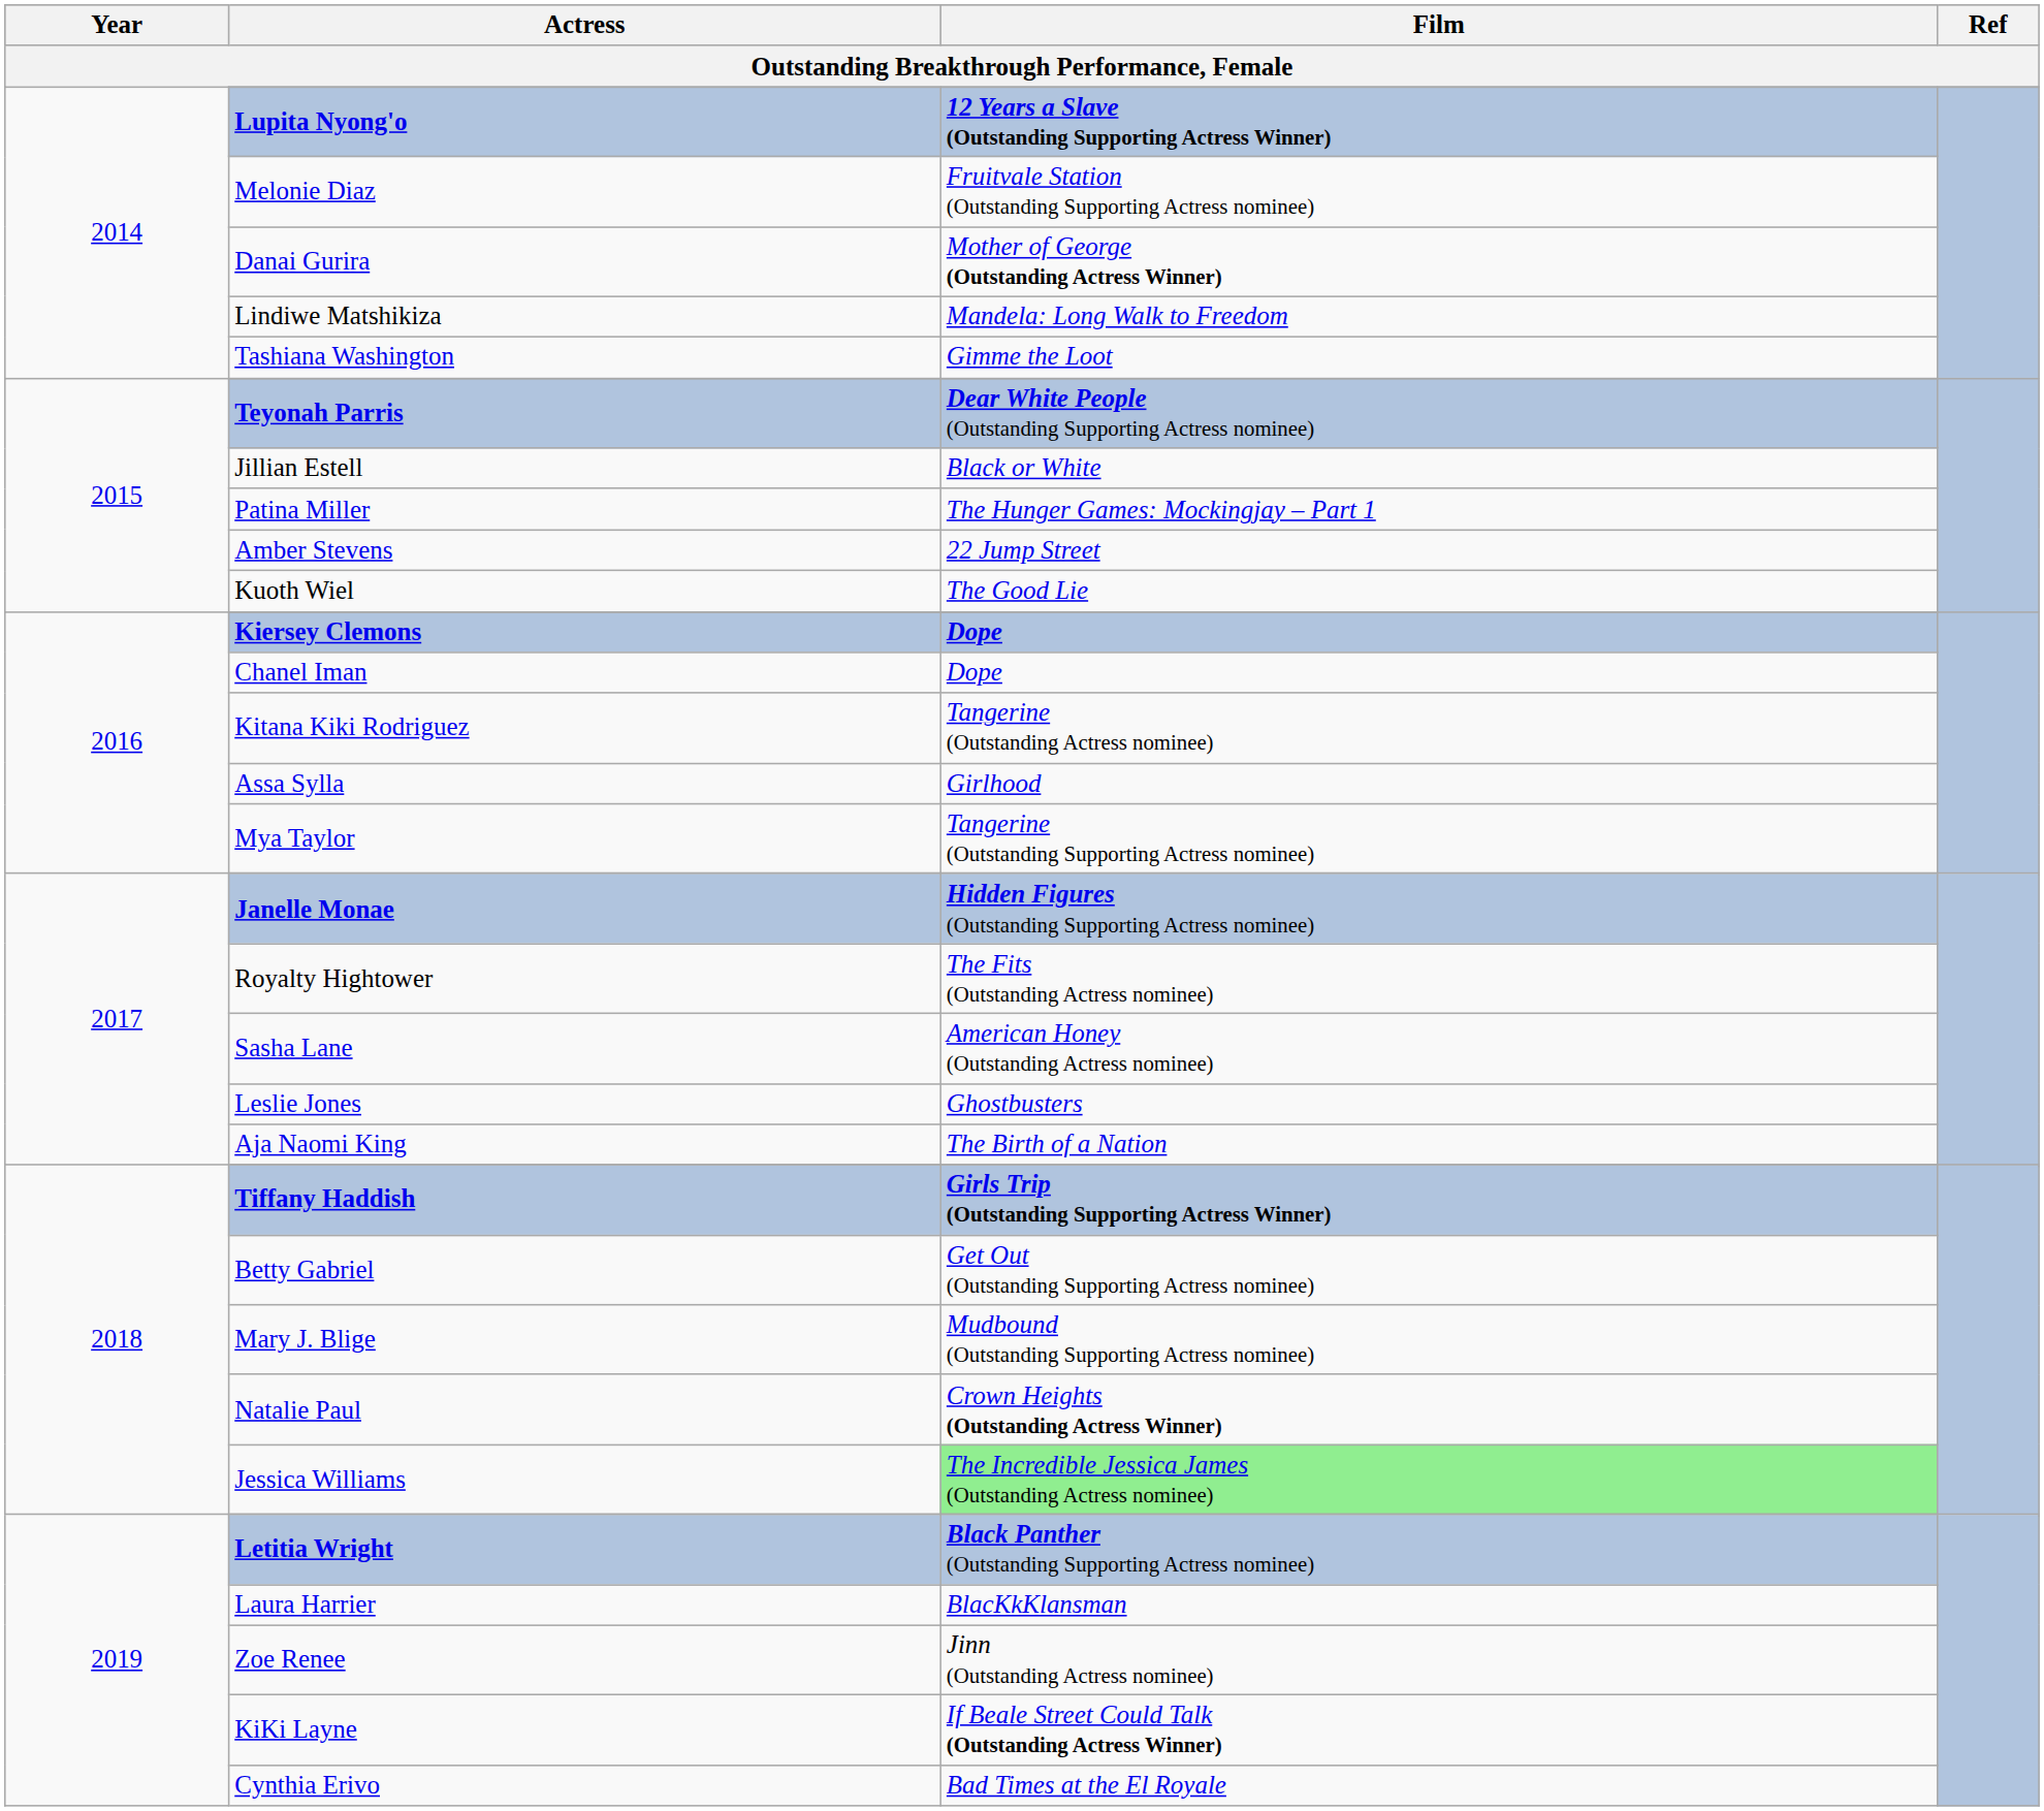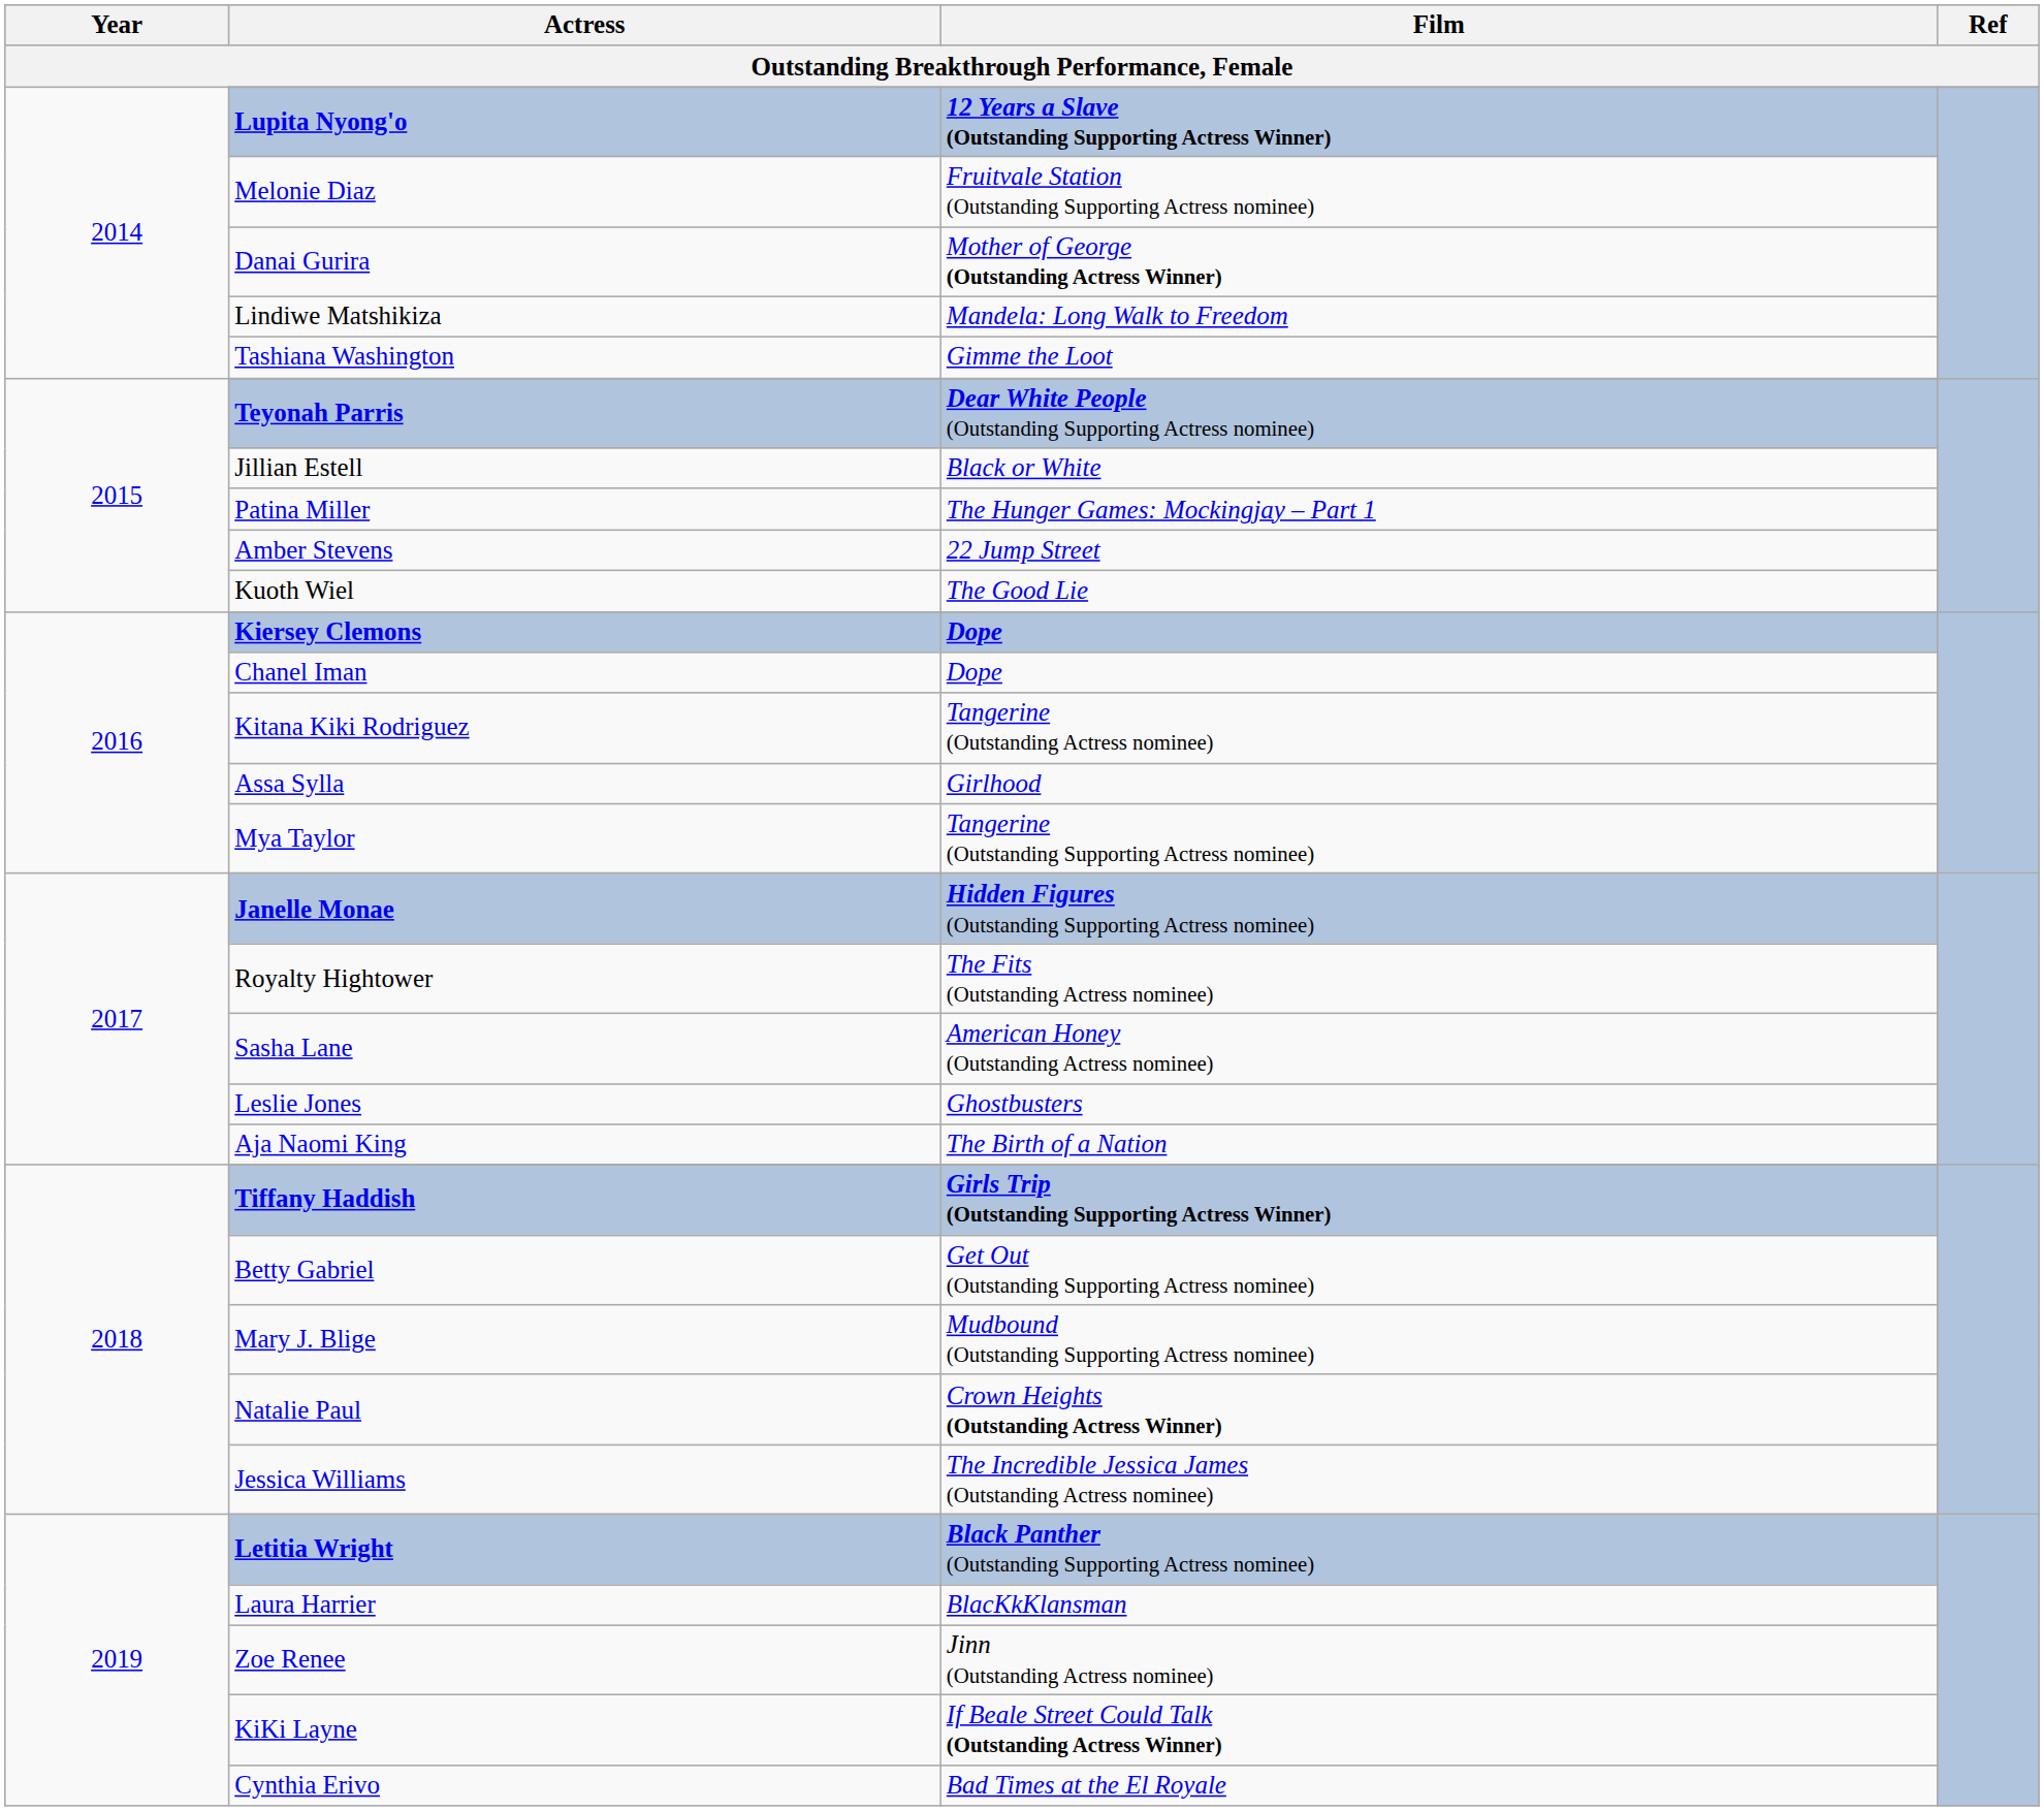 <table class="wikitable" style="width:100%;">
 <tr style="background:#bebebe;">
 <th style="width:11%;">Year</th>
 <th style="width:35%;">Actress</th>
 <th style="width:49%;">Film</th>
 <th style="width:5%;">Ref</th>
 </tr>
 <tr>
 <th colspan="6">Outstanding Breakthrough Performance, Female</th>
 </tr>
 <tr>
 <td rowspan="6" align="center"><a href='#'>2014</a></td>
 </tr>
 <tr style="background:#B0C4DE">
 <td><strong><a href='#'>Lupita Nyong'o</a></strong></td>
 <td><strong><em><a href='#'>12 Years a Slave</a></em></strong> <strong><br><small>(Outstanding Supporting Actress Winner)</small></strong></td>
 <td rowspan="6" align="center"></td>
 </tr>
 <tr>
 <td><a href='#'>Melonie Diaz</a></td>
 <td><em><a href='#'>Fruitvale Station</a></em> <br><small>(Outstanding Supporting Actress nominee)</small></td>
 </tr>
 <tr>
 <td><a href='#'>Danai Gurira</a></td>
 <td><em><a href='#'>Mother of George</a></em> <strong><br><small>(Outstanding Actress Winner)</small></strong></td>
 </tr>
 <tr>
 <td>Lindiwe Matshikiza</td>
 <td><em><a href='#'>Mandela: Long Walk to Freedom</a></em></td>
 </tr>
 <tr>
 <td><a href='#'>Tashiana Washington</a></td>
 <td><em><a href='#'>Gimme the Loot</a></em></td>
 </tr>
 <tr>
 <td rowspan="6" align="center"><a href='#'>2015</a></td>
 </tr>
 <tr style="background:#B0C4DE">
 <td><strong><a href='#'>Teyonah Parris</a></strong></td>
 <td><strong><em><a href='#'>Dear White People</a></em></strong> <br><small>(Outstanding Supporting Actress nominee)</small></td>
 <td rowspan="6" align="center"></td>
 </tr>
 <tr>
 <td>Jillian Estell</td>
 <td><em><a href='#'>Black or White</a></em></td>
 </tr>
 <tr>
 <td><a href='#'>Patina Miller</a></td>
 <td><em><a href='#'>The Hunger Games: Mockingjay – Part 1</a></em></td>
 </tr>
 <tr>
 <td><a href='#'>Amber Stevens</a></td>
 <td><em><a href='#'>22 Jump Street</a></em></td>
 </tr>
 <tr>
 <td>Kuoth Wiel</td>
 <td><em><a href='#'>The Good Lie</a></em></td>
 </tr>
 <tr>
 <td rowspan="6" align="center"><a href='#'>2016</a></td>
 </tr>
 <tr style="background:#B0C4DE">
 <td><strong><a href='#'>Kiersey Clemons</a></strong></td>
 <td><strong><em><a href='#'>Dope</a></em></strong></td>
 <td rowspan="6" align="center"></td>
 </tr>
 <tr>
 <td><a href='#'>Chanel Iman</a></td>
 <td><em><a href='#'>Dope</a></em></td>
 </tr>
 <tr>
 <td><a href='#'>Kitana Kiki Rodriguez</a></td>
 <td><em><a href='#'>Tangerine</a></em> <br><small>(Outstanding Actress nominee)</small></td>
 </tr>
 <tr>
 <td><a href='#'>Assa Sylla</a></td>
 <td><em><a href='#'>Girlhood</a></em></td>
 </tr>
 <tr>
 <td><a href='#'>Mya Taylor</a></td>
 <td><em><a href='#'>Tangerine</a></em> <br><small>(Outstanding Supporting Actress nominee)</small></td>
 </tr>
 <tr>
 <td rowspan="6" align="center"><a href='#'>2017</a></td>
 </tr>
 <tr style="background:#B0C4DE">
 <td><strong><a href='#'>Janelle Monae</a></strong></td>
 <td><strong><em><a href='#'>Hidden Figures</a></em></strong> <br><small>(Outstanding Supporting Actress nominee)</small></td>
 <td rowspan="6" align="center"></td>
 </tr>
 <tr>
 <td>Royalty Hightower</td>
 <td><em><a href='#'>The Fits</a></em> <br><small>(Outstanding Actress nominee)</small></td>
 </tr>
 <tr>
 <td><a href='#'>Sasha Lane</a></td>
 <td><em><a href='#'>American Honey</a></em> <br><small>(Outstanding Actress nominee)</small></td>
 </tr>
 <tr>
 <td><a href='#'>Leslie Jones</a></td>
 <td><em> <a href='#'>Ghostbusters</a></em></td>
 </tr>
 <tr>
 <td><a href='#'>Aja Naomi King</a></td>
 <td><em> <a href='#'>The Birth of a Nation</a></em></td>
 </tr>
 <tr>
 <td rowspan="6" align="center"><a href='#'>2018</a></td>
 </tr>
 <tr style="background:#B0C4DE">
 <td><strong><a href='#'>Tiffany Haddish</a></strong></td>
 <td><strong><em><a href='#'>Girls Trip</a></em></strong> <strong><br><small>(Outstanding Supporting Actress Winner)</small></strong></td>
 <td rowspan="6" align="center"></td>
 </tr>
 <tr>
 <td><a href='#'>Betty Gabriel</a></td>
 <td><em><a href='#'>Get Out</a></em> <br><small>(Outstanding Supporting Actress nominee)</small></td>
 </tr>
 <tr>
 <td><a href='#'>Mary J. Blige</a></td>
 <td><em> <a href='#'>Mudbound</a></em> <br><small>(Outstanding Supporting Actress nominee)</small></td>
 </tr>
 <tr>
 <td><a href='#'>Natalie Paul</a></td>
 <td><em> <a href='#'>Crown Heights</a></em> <strong><br><small>(Outstanding Actress Winner)</small></strong></td>
 </tr>
 <tr>
 <td><a href='#'>Jessica Williams</a></td>
-<td style="background: lightgreen;"><em><a href='#'>The Incredible Jessica James</a></em> <br><small>(Outstanding Actress nominee)</small></td>
+<td><em><a href='#'>The Incredible Jessica James</a></em> <br><small>(Outstanding Actress nominee)</small></td>
 </tr>
 <tr>
 <td rowspan="6" align="center"><a href='#'>2019</a></td>
 </tr>
 <tr style="background:#B0C4DE">
 <td><strong><a href='#'>Letitia Wright</a></strong></td>
 <td><strong><em><a href='#'>Black Panther</a></em></strong> <br><small>(Outstanding Supporting Actress nominee)</small></td>
 <td rowspan="6" align="center"></td>
 </tr>
 <tr>
 <td><a href='#'>Laura Harrier</a></td>
 <td><em><a href='#'>BlacKkKlansman</a></em></td>
 </tr>
 <tr>
 <td><a href='#'>Zoe Renee</a></td>
 <td><em>Jinn</em> <br><small>(Outstanding Actress nominee)</small></td>
 </tr>
 <tr>
 <td><a href='#'>KiKi Layne</a></td>
 <td><em> <a href='#'>If Beale Street Could Talk</a></em> <strong><br><small>(Outstanding Actress Winner)</small></strong></td>
 </tr>
 <tr>
 <td><a href='#'>Cynthia Erivo</a></td>
 <td><em><a href='#'>Bad Times at the El Royale</a></em></td>
 </tr>
 </table>
